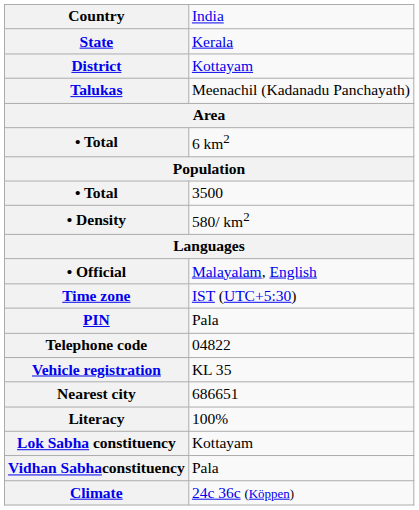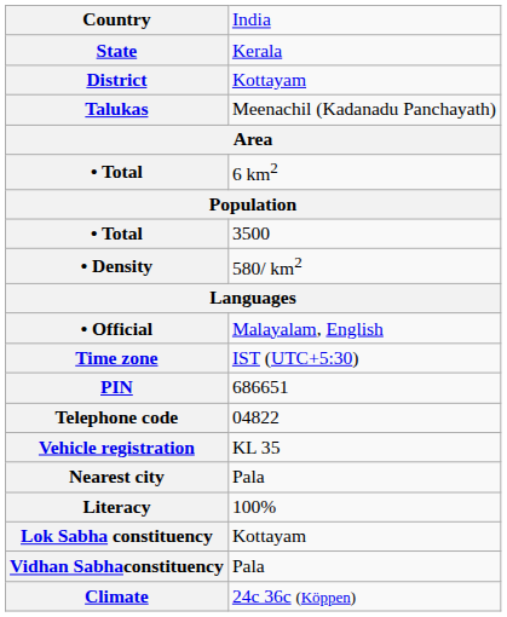 <table class="wikitable">
 <tr>
 <th>Country</th>
 <td><a href='#'>India</a></td>
 </tr>
 <tr>
 <th><a href='#'>State</a></th>
 <td><a href='#'>Kerala</a></td>
 </tr>
 <tr>
 <th><a href='#'>District</a></th>
 <td><a href='#'>Kottayam</a></td>
 </tr>
 <tr>
 <th><a href='#'>Talukas</a></th>
 <td>Meenachil (Kadanadu Panchayath)</td>
 </tr>
 <tr>
 <th colspan="2">Area</th>
 </tr>
 <tr>
 <th>• Total</th>
 <td>6 km<sup>2</sup></td>
 </tr>
 <tr>
 <th colspan="2">Population</th>
 </tr>
 <tr>
 <th>• Total</th>
 <td>3500</td>
 </tr>
 <tr>
 <th>• Density</th>
 <td>580/ km<sup>2</sup></td>
 </tr>
 <tr>
 <th colspan="2">Languages</th>
 </tr>
 <tr>
 <th>• Official</th>
 <td><a href='#'>Malayalam</a>, <a href='#'>English</a></td>
 </tr>
 <tr>
 <th><a href='#'>Time zone</a></th>
 <td><a href='#'>IST</a> (<a href='#'>UTC+5:30</a>)</td>
 </tr>
 <tr>
 <th><a href='#'>PIN</a></th>
-<td>Pala</td>
+<td>686651</td>
 </tr>
 <tr>
 <th>Telephone code</th>
 <td>04822</td>
 </tr>
 <tr>
 <th><a href='#'>Vehicle registration</a></th>
 <td>KL 35</td>
 </tr>
 <tr>
 <th>Nearest city</th>
-<td>686651</td>
+<td>Pala</td>
 </tr>
 <tr>
 <th>Literacy</th>
 <td>100%</td>
 </tr>
 <tr>
 <th><a href='#'>Lok Sabha</a> constituency</th>
 <td>Kottayam</td>
 </tr>
 <tr>
 <th><a href='#'>Vidhan Sabha</a>constituency</th>
 <td>Pala</td>
 </tr>
 <tr>
 <th><a href='#'>Climate</a></th>
 <td><a href='#'>24c 36c</a> <small>(<a href='#'>Köppen</a>)</small></td>
 </tr>
 </table>
